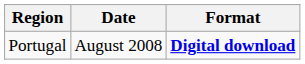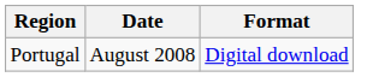 <table class="wikitable">
 <tr>
 <th>Region</th>
 <th>Date</th>
 <th>Format</th>
 </tr>
 <tr>
 <td rowspan="2">Portugal</td>
 <td>August 2008</td>
-<td><strong><a href='#'>Digital download</a></strong></td>
+<td><a href='#'>Digital download</a></td>
 </tr>
 </table>
